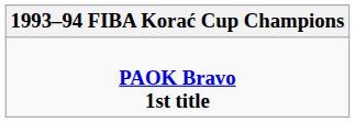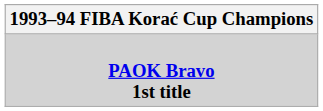 <table class=wikitable style="text-align:center; margin:auto">
 <tr>
 <th>1993–94 FIBA Korać Cup Champions</th>
 </tr>
 <tr>
-<td><br> <strong><a href='#'>PAOK Bravo</a></strong> <br> <strong>1st title</strong></td>
+<td style="background: lightgrey;"><br> <strong><a href='#'>PAOK Bravo</a></strong> <br> <strong>1st title</strong></td>
 </tr>
 </table>
